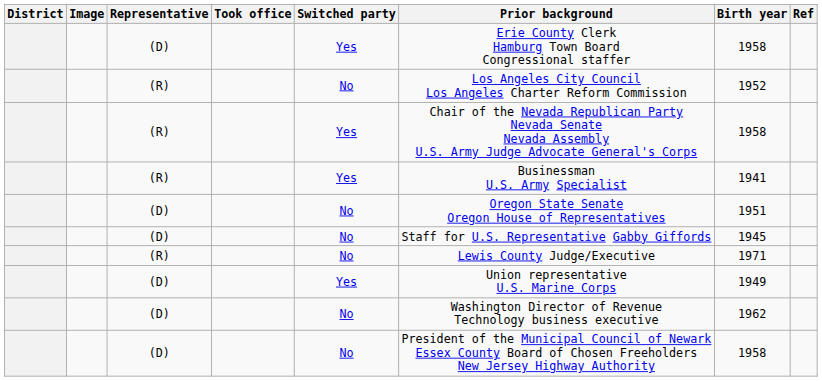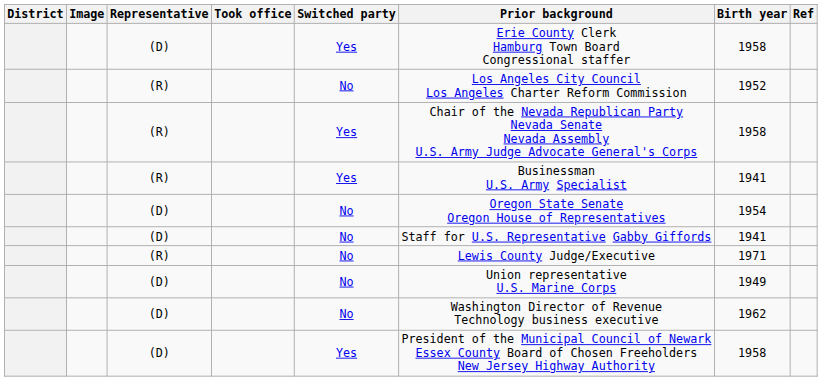 <table class="sortable wikitable" style="text-align:center">
 <tr>
 <th>District</th>
 <th>Image</th>
 <th>Representative</th>
 <th>Took office</th>
 <th>Switched party</th>
 <th>Prior background</th>
 <th>Birth year</th>
 <th>Ref</th>
 </tr>
 <tr>
 <th></th>
 <td></td>
 <td> (D)</td>
 <td></td>
 <td><a href='#'>Yes</a><br></td>
 <td><a href='#'>Erie County</a> Clerk<br><a href='#'>Hamburg</a> Town Board<br>Congressional staffer</td>
 <td>1958</td>
 <td></td>
 </tr>
 <tr>
 <th></th>
 <td></td>
 <td> (R)</td>
 <td></td>
 <td><a href='#'>No</a><br></td>
 <td><a href='#'>Los Angeles City Council</a><br><a href='#'>Los Angeles</a> Charter Reform Commission</td>
 <td>1952</td>
 <td></td>
 </tr>
 <tr>
 <th></th>
 <td></td>
 <td> (R)</td>
 <td></td>
 <td><a href='#'>Yes</a><br></td>
 <td>Chair of the <a href='#'>Nevada Republican Party</a><br><a href='#'>Nevada Senate</a><br><a href='#'>Nevada Assembly</a><br><a href='#'>U.S. Army Judge Advocate General's Corps</a></td>
 <td>1958</td>
 <td></td>
 </tr>
 <tr>
 <th></th>
 <td></td>
 <td> (R)</td>
 <td></td>
 <td><a href='#'>Yes</a><br></td>
 <td>Businessman<br><a href='#'>U.S. Army</a> <a href='#'>Specialist</a></td>
 <td>1941</td>
 <td></td>
 </tr>
 <tr>
 <th></th>
 <td></td>
 <td> (D)</td>
 <td></td>
 <td><a href='#'>No</a><br></td>
 <td><a href='#'>Oregon State Senate</a><br><a href='#'>Oregon House of Representatives</a></td>
-<td>1951</td>
+<td>1954</td>
 <td></td>
 </tr>
 <tr>
 <th></th>
 <td></td>
 <td> (D)</td>
 <td></td>
 <td><a href='#'>No</a><br></td>
 <td>Staff for <a href='#'>U.S. Representative</a> <a href='#'>Gabby Giffords</a></td>
-<td>1945</td>
+<td>1941</td>
 <td></td>
 </tr>
 <tr>
 <th></th>
 <td></td>
 <td> (R)</td>
 <td></td>
 <td><a href='#'>No</a><br></td>
 <td><a href='#'>Lewis County</a> Judge/Executive</td>
 <td>1971</td>
 <td></td>
 </tr>
 <tr>
 <th></th>
 <td></td>
 <td> (D)</td>
 <td></td>
-<td><a href='#'>Yes</a><br></td>
+<td><a href='#'>No</a><br></td>
 <td>Union representative<br><a href='#'>U.S. Marine Corps</a></td>
 <td>1949</td>
 <td></td>
 </tr>
 <tr>
 <th></th>
 <td></td>
 <td> (D)</td>
 <td></td>
 <td><a href='#'>No</a><br></td>
 <td>Washington Director of Revenue<br>Technology business executive</td>
 <td>1962</td>
 <td></td>
 </tr>
 <tr>
 <th></th>
 <td></td>
 <td> (D)</td>
 <td></td>
-<td><a href='#'>No</a><br></td>
+<td><a href='#'>Yes</a><br></td>
 <td>President of the <a href='#'>Municipal Council of Newark</a><br><a href='#'>Essex County</a> Board of Chosen Freeholders<br><a href='#'>New Jersey Highway Authority</a></td>
 <td>1958</td>
 <td></td>
 </tr>
 </table>
